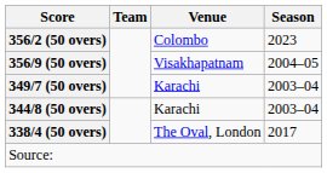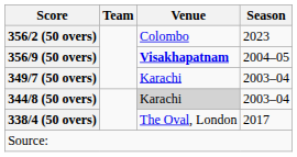 <table class="wikitable">
 <tr>
 <th align="center"><strong>Score</strong></th>
 <th align="center"><strong>Team</strong></th>
 <th align="center"><strong>Venue</strong></th>
 <th align="center"><strong>Season</strong></th>
 </tr>
 <tr>
 <th>356/2 (50 overs)</th>
 <td rowspan=3></td>
 <td><a href='#'>Colombo</a></td>
 <td>2023</td>
 </tr>
 <tr>
 <th>356/9 (50 overs)</th>
-<td><a href='#'>Visakhapatnam</a></td>
+<td><strong><a href='#'>Visakhapatnam</a></strong></td>
 <td>2004–05</td>
 </tr>
 <tr>
 <th>349/7 (50 overs)</th>
 <td><a href='#'>Karachi</a></td>
 <td>2003–04</td>
 </tr>
 <tr>
 <th>344/8 (50 overs)</th>
 <td rowspan=2></td>
-<td>Karachi</td>
+<td style="background: lightgrey;">Karachi</td>
 <td>2003–04</td>
 </tr>
 <tr>
 <th>338/4 (50 overs)</th>
 <td><a href='#'>The Oval</a>, London</td>
 <td>2017</td>
 </tr>
 <tr>
 <td colspan="5">Source:</td>
 </tr>
 </table>
